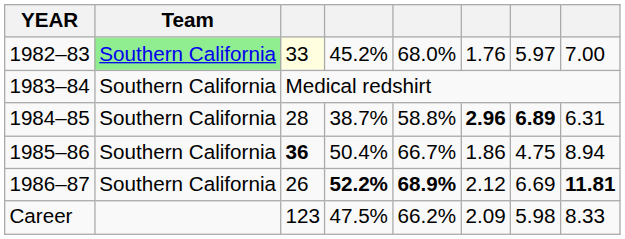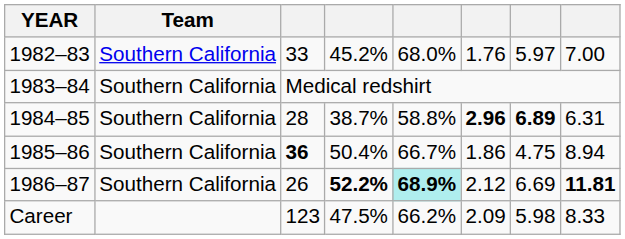 <table class="wikitable">
 <tr>
 <th>YEAR</th>
 <th>Team</th>
 <th scope="col"></th>
 <th scope="col"></th>
 <th scope="col"></th>
 <th scope="col"></th>
 <th scope="col"></th>
 <th scope="col"></th>
 </tr>
 <tr>
 <td>1982–83</td>
-<td style="background: lightgreen;"><a href='#'>Southern California</a></td>
-<td style="background: lightyellow;">33</td>
+<td><a href='#'>Southern California</a></td>
+<td>33</td>
 <td>45.2%</td>
 <td>68.0%</td>
 <td>1.76</td>
 <td>5.97</td>
 <td>7.00</td>
 </tr>
 <tr>
 <td>1983–84</td>
 <td>Southern California</td>
 <td colspan="6">Medical redshirt</td>
 </tr>
 <tr>
 <td>1984–85</td>
 <td>Southern California</td>
 <td>28</td>
 <td>38.7%</td>
 <td>58.8%</td>
 <td><strong>2.96</strong></td>
 <td><strong>6.89</strong></td>
 <td>6.31</td>
 </tr>
 <tr>
 <td>1985–86</td>
 <td>Southern California</td>
 <td><strong>36</strong></td>
 <td>50.4%</td>
 <td>66.7%</td>
 <td>1.86</td>
 <td>4.75</td>
 <td>8.94</td>
 </tr>
 <tr>
 <td>1986–87</td>
 <td>Southern California</td>
 <td>26</td>
 <td><strong>52.2%</strong></td>
-<td><strong>68.9%</strong></td>
+<td style="background: paleturquoise;"><strong>68.9%</strong></td>
 <td>2.12</td>
 <td>6.69</td>
 <td><strong>11.81</strong></td>
 </tr>
 <tr>
 <td>Career</td>
 <td></td>
 <td>123</td>
 <td>47.5%</td>
 <td>66.2%</td>
 <td>2.09</td>
 <td>5.98</td>
 <td>8.33</td>
 </tr>
 </table>
